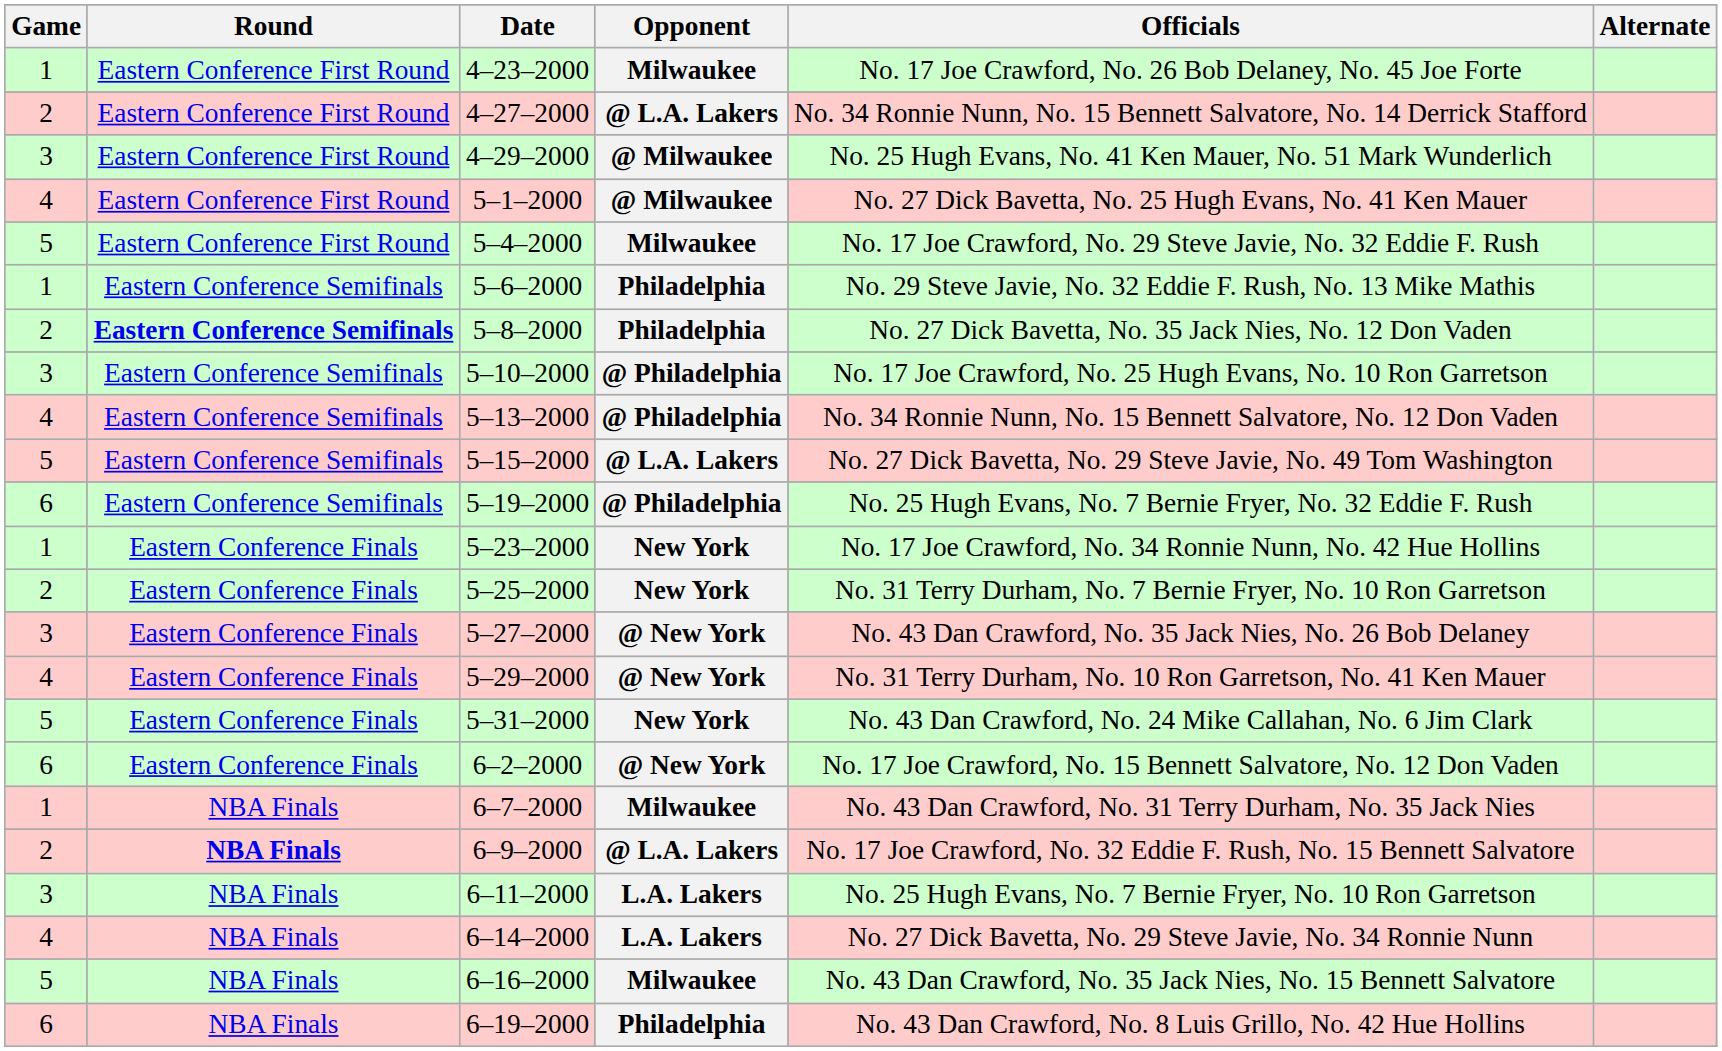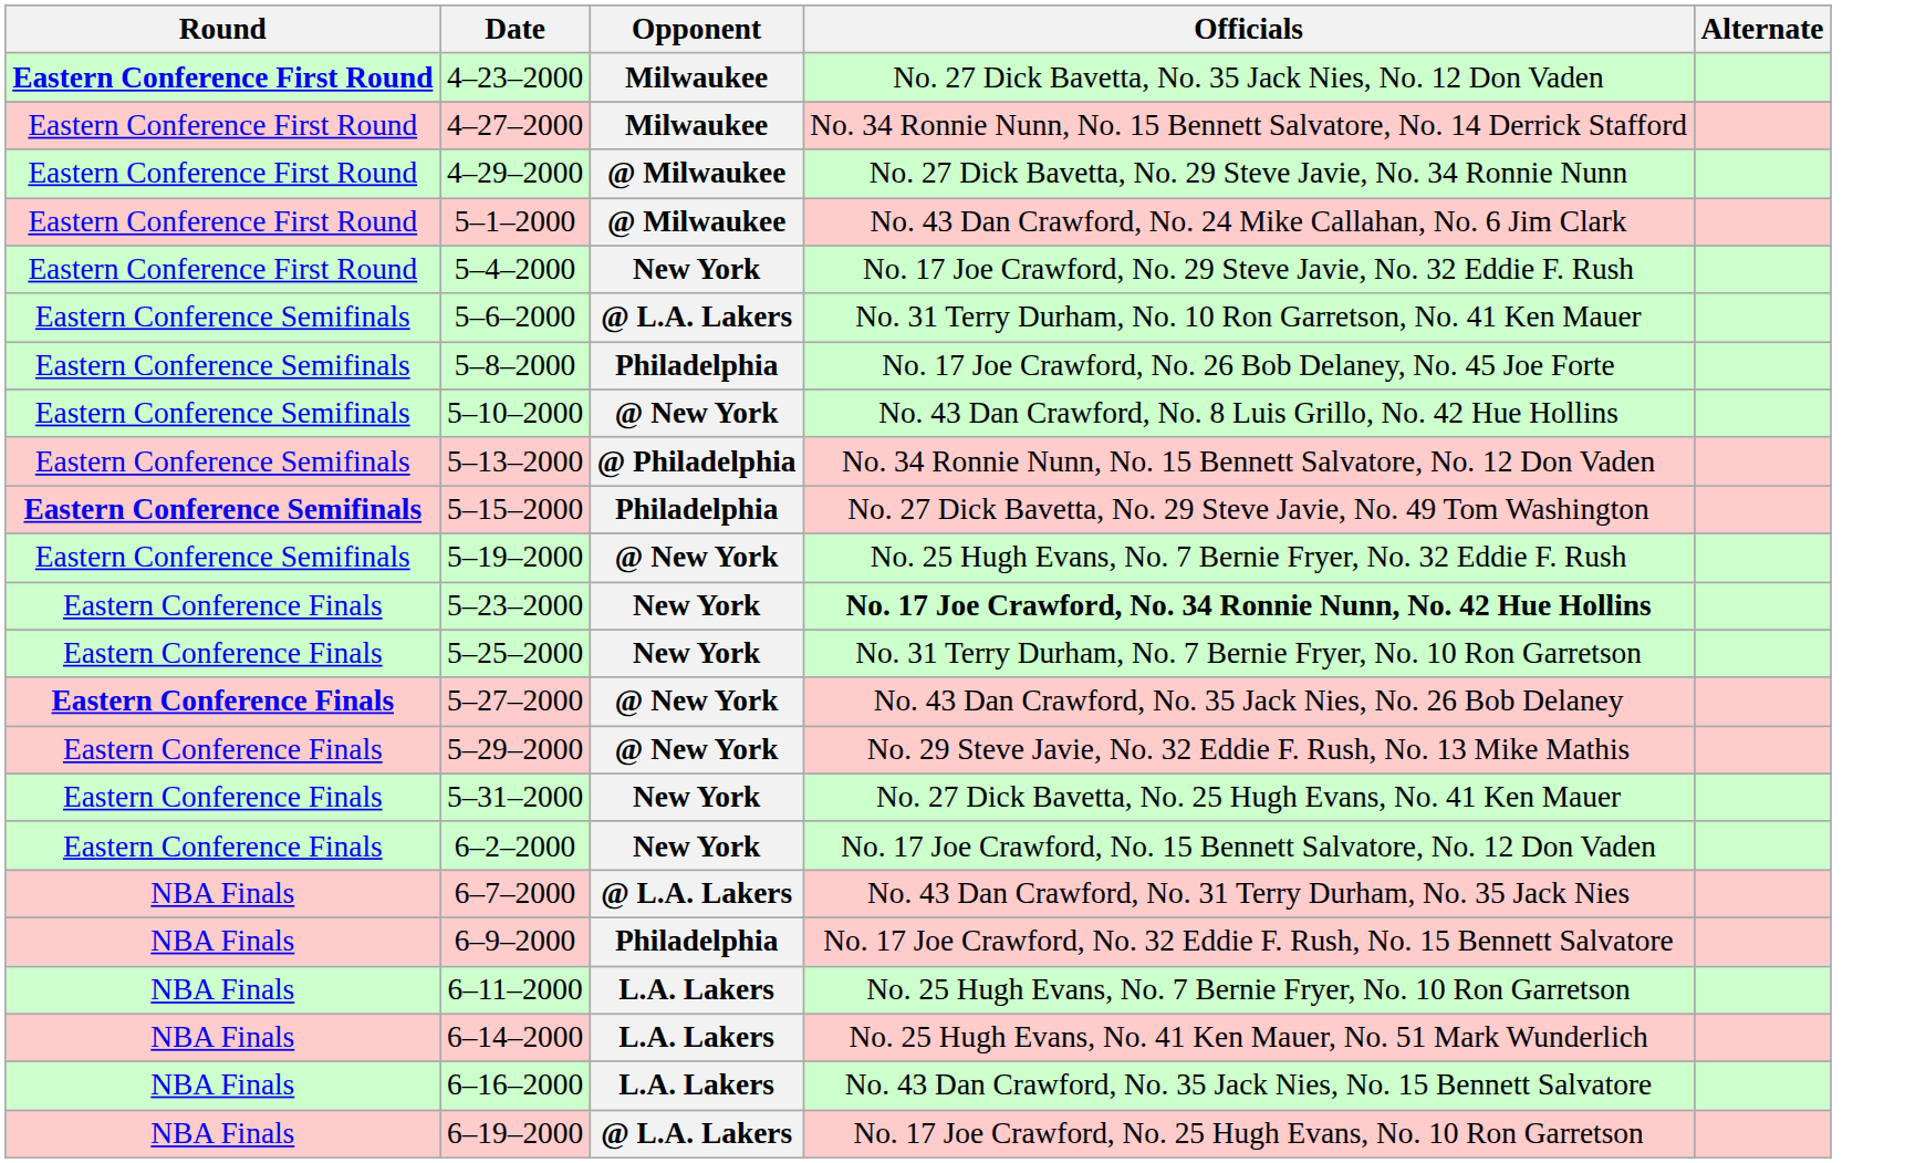 <table class="wikitable">
 <tr>
-<th>Game</th>
 <th>Round</th>
 <th>Date</th>
 <th>Opponent</th>
 <th>Officials</th>
 <th>Alternate</th>
 </tr>
 <tr align="center" bgcolor="#ccffcc">
-<td>1</td>
-<td><a href='#'>Eastern Conference First Round</a></td>
+<td><strong><a href='#'>Eastern Conference First Round</a></strong></td>
 <td>4–23–2000</td>
 <th>Milwaukee</th>
-<td>No. 17 Joe Crawford, No. 26 Bob Delaney, No. 45 Joe Forte</td>
+<td>No. 27 Dick Bavetta, No. 35 Jack Nies, No. 12 Don Vaden</td>
 <td></td>
 </tr>
 <tr align="center" bgcolor="#ffcccc">
-<td>2</td>
 <td><a href='#'>Eastern Conference First Round</a></td>
 <td>4–27–2000</td>
-<th>@ L.A. Lakers</th>
+<th>Milwaukee</th>
 <td>No. 34 Ronnie Nunn, No. 15 Bennett Salvatore, No. 14 Derrick Stafford</td>
 <td></td>
 </tr>
 <tr align="center" bgcolor="#ccffcc">
-<td>3</td>
 <td><a href='#'>Eastern Conference First Round</a></td>
 <td>4–29–2000</td>
 <th>@ Milwaukee</th>
-<td>No. 25 Hugh Evans, No. 41 Ken Mauer, No. 51 Mark Wunderlich</td>
+<td>No. 27 Dick Bavetta, No. 29 Steve Javie, No. 34 Ronnie Nunn</td>
 <td></td>
 </tr>
 <tr align="center" bgcolor="#ffcccc">
-<td>4</td>
 <td><a href='#'>Eastern Conference First Round</a></td>
 <td>5–1–2000</td>
 <th>@ Milwaukee</th>
-<td>No. 27 Dick Bavetta, No. 25 Hugh Evans, No. 41 Ken Mauer</td>
+<td>No. 43 Dan Crawford, No. 24 Mike Callahan, No. 6 Jim Clark</td>
 <td></td>
 </tr>
 <tr align="center" bgcolor="#ccffcc">
-<td>5</td>
 <td><a href='#'>Eastern Conference First Round</a></td>
 <td>5–4–2000</td>
-<th>Milwaukee</th>
+<th>New York</th>
 <td>No. 17 Joe Crawford, No. 29 Steve Javie, No. 32 Eddie F. Rush</td>
 <td></td>
 </tr>
 <tr align="center" bgcolor="#ccffcc">
-<td>1</td>
 <td><a href='#'>Eastern Conference Semifinals</a></td>
 <td>5–6–2000</td>
-<th>Philadelphia</th>
-<td>No. 29 Steve Javie, No. 32 Eddie F. Rush, No. 13 Mike Mathis</td>
+<th>@ L.A. Lakers</th>
+<td>No. 31 Terry Durham, No. 10 Ron Garretson, No. 41 Ken Mauer</td>
 <td></td>
 </tr>
 <tr align="center" bgcolor="#ccffcc">
-<td>2</td>
-<td><strong><a href='#'>Eastern Conference Semifinals</a></strong></td>
+<td><a href='#'>Eastern Conference Semifinals</a></td>
 <td>5–8–2000</td>
 <th>Philadelphia</th>
-<td>No. 27 Dick Bavetta, No. 35 Jack Nies, No. 12 Don Vaden</td>
+<td>No. 17 Joe Crawford, No. 26 Bob Delaney, No. 45 Joe Forte</td>
 <td></td>
 </tr>
 <tr align="center" bgcolor="#ccffcc">
-<td>3</td>
 <td><a href='#'>Eastern Conference Semifinals</a></td>
 <td>5–10–2000</td>
-<th>@ Philadelphia</th>
-<td>No. 17 Joe Crawford, No. 25 Hugh Evans, No. 10 Ron Garretson</td>
+<th>@ New York</th>
+<td>No. 43 Dan Crawford, No. 8 Luis Grillo, No. 42 Hue Hollins</td>
 <td></td>
 </tr>
 <tr align="center" bgcolor="#ffcccc">
-<td>4</td>
 <td><a href='#'>Eastern Conference Semifinals</a></td>
 <td>5–13–2000</td>
 <th>@ Philadelphia</th>
 <td>No. 34 Ronnie Nunn, No. 15 Bennett Salvatore, No. 12 Don Vaden</td>
 <td></td>
 </tr>
 <tr align="center" bgcolor="#ffcccc">
-<td>5</td>
-<td><a href='#'>Eastern Conference Semifinals</a></td>
+<td><strong><a href='#'>Eastern Conference Semifinals</a></strong></td>
 <td>5–15–2000</td>
-<th>@ L.A. Lakers</th>
+<th>Philadelphia</th>
 <td>No. 27 Dick Bavetta, No. 29 Steve Javie, No. 49 Tom Washington</td>
 <td></td>
 </tr>
 <tr align="center" bgcolor="#ccffcc">
-<td>6</td>
 <td><a href='#'>Eastern Conference Semifinals</a></td>
 <td>5–19–2000</td>
-<th>@ Philadelphia</th>
+<th>@ New York</th>
 <td>No. 25 Hugh Evans, No. 7 Bernie Fryer, No. 32 Eddie F. Rush</td>
 <td></td>
 </tr>
 <tr align="center" bgcolor="#ccffcc">
-<td>1</td>
 <td><a href='#'>Eastern Conference Finals</a></td>
 <td>5–23–2000</td>
 <th>New York</th>
-<td>No. 17 Joe Crawford, No. 34 Ronnie Nunn, No. 42 Hue Hollins</td>
+<td><strong>No. 17 Joe Crawford, No. 34 Ronnie Nunn, No. 42 Hue Hollins</strong></td>
 <td></td>
 </tr>
 <tr align="center" bgcolor="#ccffcc">
-<td>2</td>
 <td><a href='#'>Eastern Conference Finals</a></td>
 <td>5–25–2000</td>
 <th>New York</th>
 <td>No. 31 Terry Durham, No. 7 Bernie Fryer, No. 10 Ron Garretson</td>
 <td></td>
 </tr>
 <tr align="center" bgcolor="#ffcccc">
-<td>3</td>
-<td><a href='#'>Eastern Conference Finals</a></td>
+<td><strong><a href='#'>Eastern Conference Finals</a></strong></td>
 <td>5–27–2000</td>
 <th>@ New York</th>
 <td>No. 43 Dan Crawford, No. 35 Jack Nies, No. 26 Bob Delaney</td>
 <td></td>
 </tr>
 <tr align="center" bgcolor="#ffcccc">
-<td>4</td>
 <td><a href='#'>Eastern Conference Finals</a></td>
 <td>5–29–2000</td>
 <th>@ New York</th>
-<td>No. 31 Terry Durham, No. 10 Ron Garretson, No. 41 Ken Mauer</td>
+<td>No. 29 Steve Javie, No. 32 Eddie F. Rush, No. 13 Mike Mathis</td>
 <td></td>
 </tr>
 <tr align="center" bgcolor="#ccffcc">
-<td>5</td>
 <td><a href='#'>Eastern Conference Finals</a></td>
 <td>5–31–2000</td>
 <th>New York</th>
-<td>No. 43 Dan Crawford, No. 24 Mike Callahan, No. 6 Jim Clark</td>
+<td>No. 27 Dick Bavetta, No. 25 Hugh Evans, No. 41 Ken Mauer</td>
 <td></td>
 </tr>
 <tr align="center" bgcolor="#ccffcc">
-<td>6</td>
 <td><a href='#'>Eastern Conference Finals</a></td>
 <td>6–2–2000</td>
-<th>@ New York</th>
+<th>New York</th>
 <td>No. 17 Joe Crawford, No. 15 Bennett Salvatore, No. 12 Don Vaden</td>
 <td></td>
 </tr>
 <tr align="center" bgcolor="#ffcccc">
-<td>1</td>
 <td><a href='#'>NBA Finals</a></td>
 <td>6–7–2000</td>
-<th>Milwaukee</th>
+<th>@ L.A. Lakers</th>
 <td>No. 43 Dan Crawford, No. 31 Terry Durham, No. 35 Jack Nies</td>
 <td></td>
 </tr>
 <tr align="center" bgcolor="#ffcccc">
-<td>2</td>
-<td><strong><a href='#'>NBA Finals</a></strong></td>
+<td><a href='#'>NBA Finals</a></td>
 <td>6–9–2000</td>
-<th>@ L.A. Lakers</th>
+<th>Philadelphia</th>
 <td>No. 17 Joe Crawford, No. 32 Eddie F. Rush, No. 15 Bennett Salvatore</td>
 <td></td>
 </tr>
 <tr align="center" bgcolor="#ccffcc">
-<td>3</td>
 <td><a href='#'>NBA Finals</a></td>
 <td>6–11–2000</td>
 <th>L.A. Lakers</th>
 <td>No. 25 Hugh Evans, No. 7 Bernie Fryer, No. 10 Ron Garretson</td>
 <td></td>
 </tr>
 <tr align="center" bgcolor="#ffcccc">
-<td>4</td>
 <td><a href='#'>NBA Finals</a></td>
 <td>6–14–2000</td>
 <th>L.A. Lakers</th>
-<td>No. 27 Dick Bavetta, No. 29 Steve Javie, No. 34 Ronnie Nunn</td>
+<td>No. 25 Hugh Evans, No. 41 Ken Mauer, No. 51 Mark Wunderlich</td>
 <td></td>
 </tr>
 <tr align="center" bgcolor="#ccffcc">
-<td>5</td>
 <td><a href='#'>NBA Finals</a></td>
 <td>6–16–2000</td>
-<th>Milwaukee</th>
+<th>L.A. Lakers</th>
 <td>No. 43 Dan Crawford, No. 35 Jack Nies, No. 15 Bennett Salvatore</td>
 <td></td>
 </tr>
 <tr align="center" bgcolor="#ffcccc">
-<td>6</td>
 <td><a href='#'>NBA Finals</a></td>
 <td>6–19–2000</td>
-<th>Philadelphia</th>
-<td>No. 43 Dan Crawford, No. 8 Luis Grillo, No. 42 Hue Hollins</td>
+<th>@ L.A. Lakers</th>
+<td>No. 17 Joe Crawford, No. 25 Hugh Evans, No. 10 Ron Garretson</td>
 <td></td>
 </tr>
 </table>
